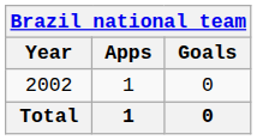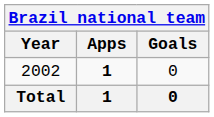 <table class="wikitable" style="text-align:center">
 <tr>
 <th colspan=3><a href='#'>Brazil national team</a></th>
 </tr>
 <tr>
 <th>Year</th>
 <th>Apps</th>
 <th>Goals</th>
 </tr>
 <tr>
 <td>2002</td>
-<td>1</td>
+<td><strong>1</strong></td>
 <td>0</td>
 </tr>
 <tr>
 <th>Total</th>
 <th>1</th>
 <th>0</th>
 </tr>
 </table>
